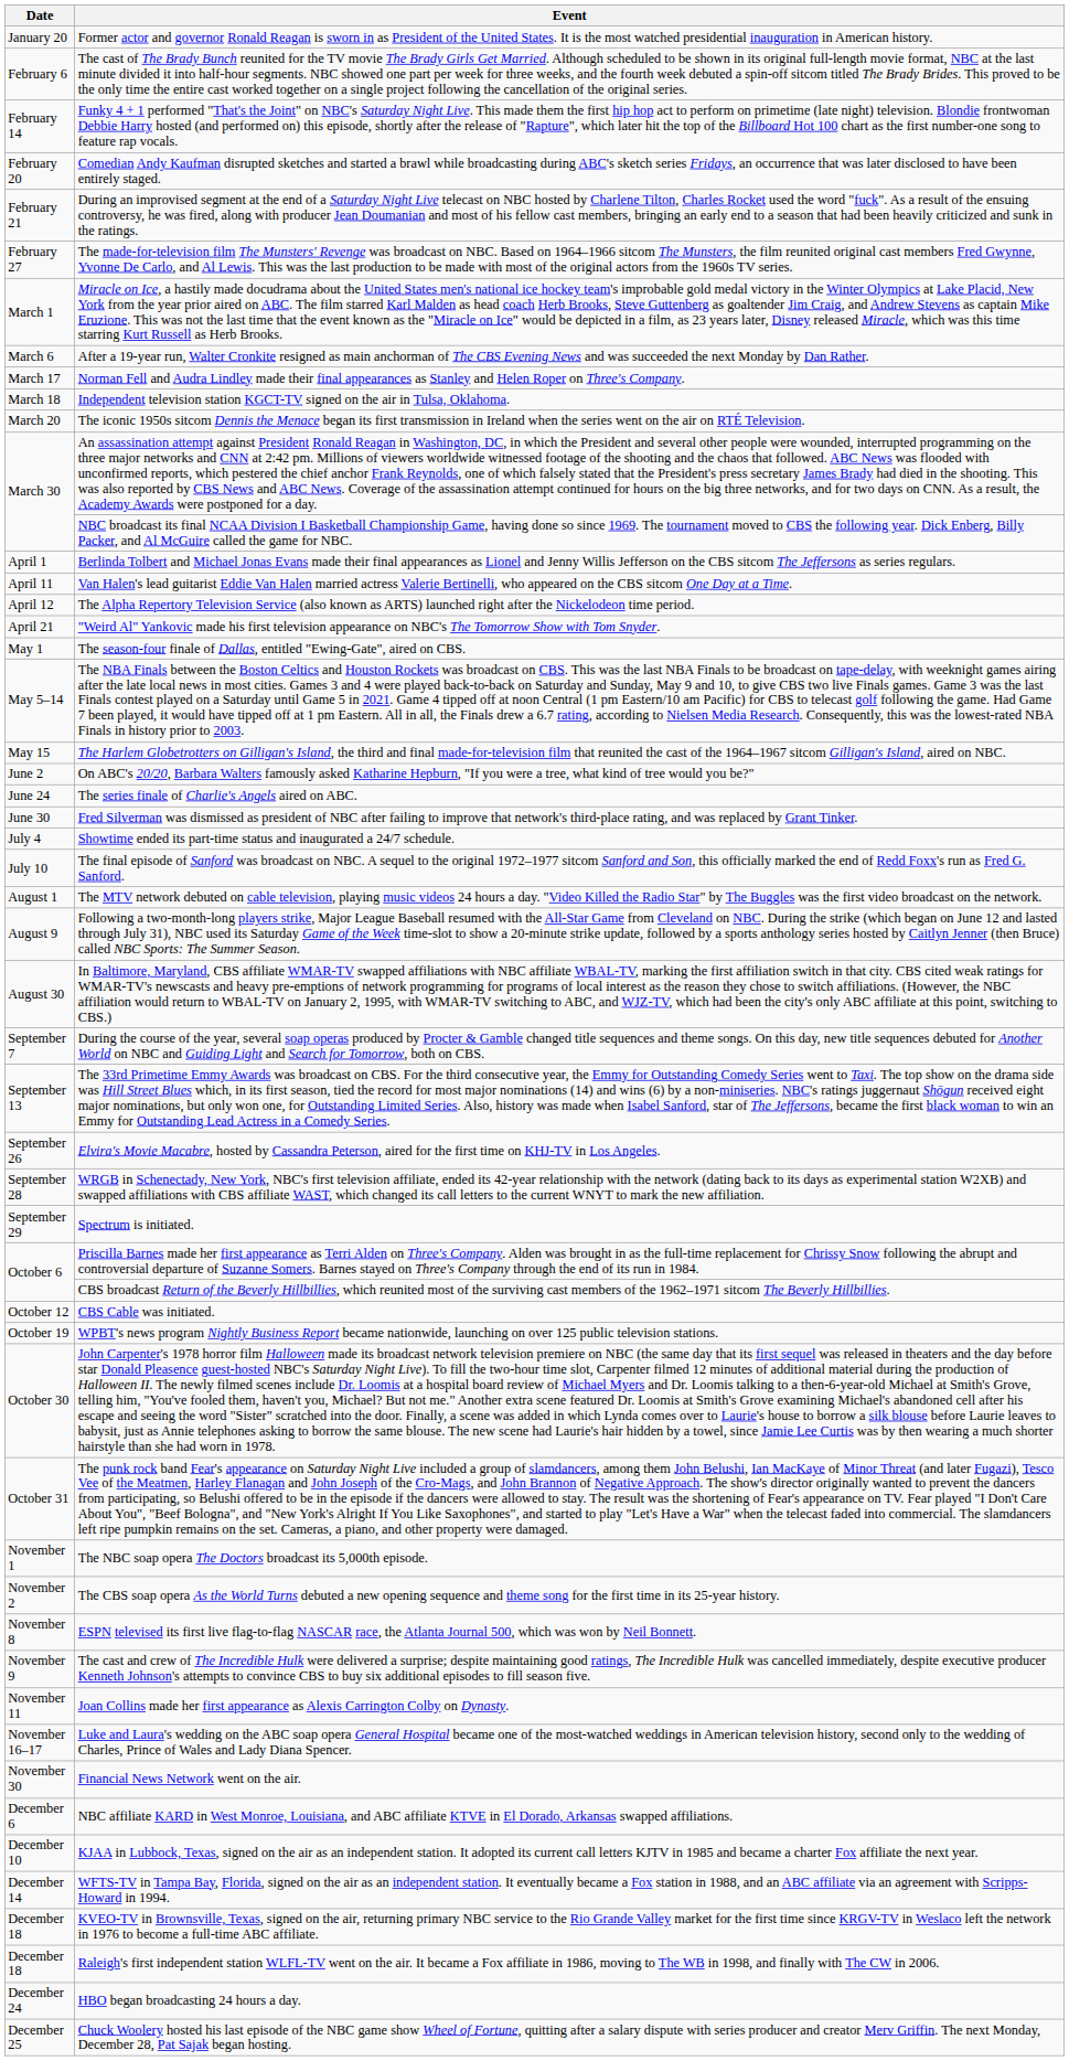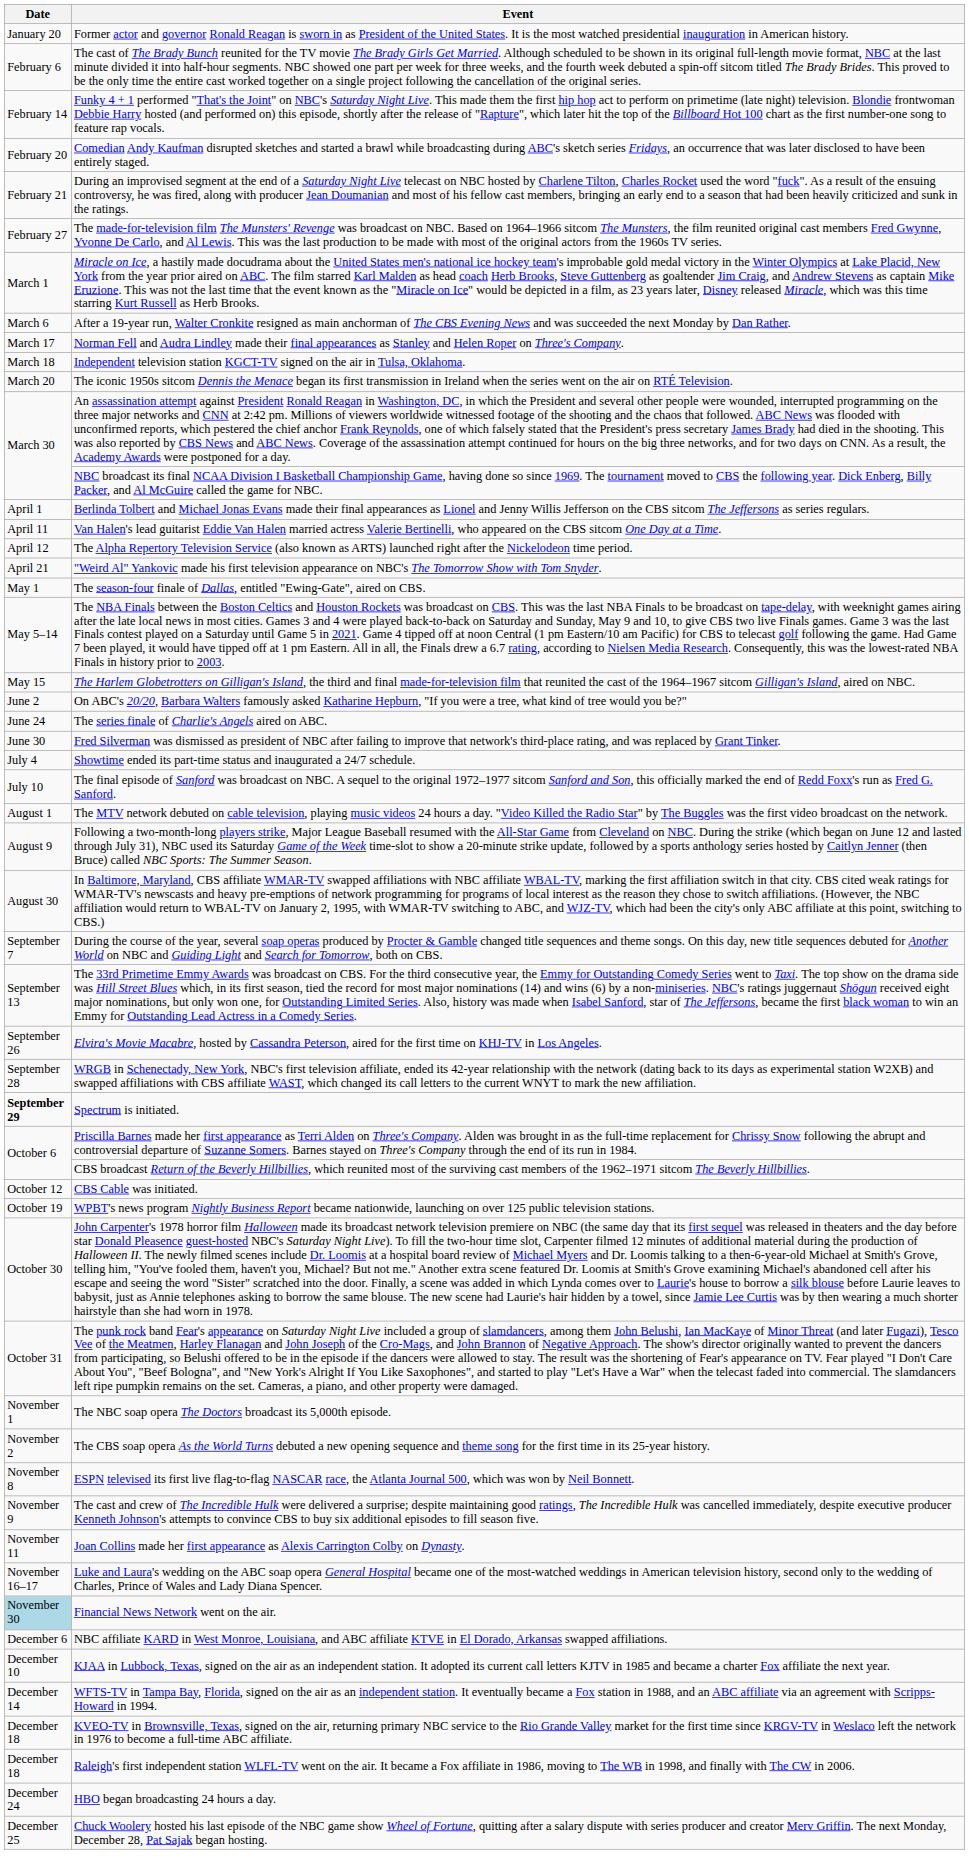 <table class="wikitable">
 <tr>
 <th>Date</th>
 <th>Event</th>
 </tr>
 <tr>
 <td>January 20</td>
 <td>Former <a href='#'>actor</a> and <a href='#'>governor</a> <a href='#'>Ronald Reagan</a> is <a href='#'>sworn in</a> as <a href='#'>President of the United States</a>. It is the most watched presidential <a href='#'>inauguration</a> in American history.</td>
 </tr>
 <tr>
 <td>February 6</td>
 <td>The cast of <em><a href='#'>The Brady Bunch</a></em> reunited for the TV movie <a href='#'><em>The Brady Girls Get Married</em></a>. Although scheduled to be shown in its original full-length movie format, <a href='#'>NBC</a> at the last minute divided it into half-hour segments. NBC showed one part per week for three weeks, and the fourth week debuted a spin-off sitcom titled <em>The Brady Brides</em>. This proved to be the only time the entire cast worked together on a single project following the cancellation of the original series.</td>
 </tr>
 <tr>
 <td>February 14</td>
 <td><a href='#'>Funky 4 + 1</a> performed "<a href='#'>That's the Joint</a>" on <a href='#'>NBC</a>'s <em><a href='#'>Saturday Night Live</a></em>. This made them the first <a href='#'>hip hop</a> act to perform on primetime (late night) television. <a href='#'>Blondie</a> frontwoman <a href='#'>Debbie Harry</a> hosted (and performed on) this episode, shortly after the release of "<a href='#'>Rapture</a>", which later hit the top of the <a href='#'><em>Billboard</em> Hot 100</a> chart as the first number-one song to feature rap vocals.</td>
 </tr>
 <tr>
 <td>February 20</td>
 <td><a href='#'>Comedian</a> <a href='#'>Andy Kaufman</a> disrupted sketches and started a brawl while broadcasting during <a href='#'>ABC</a>'s sketch series <em><a href='#'>Fridays</a></em>, an occurrence that was later disclosed to have been entirely staged.</td>
 </tr>
 <tr>
 <td>February 21</td>
 <td>During an improvised segment at the end of a <em><a href='#'>Saturday Night Live</a></em> telecast on NBC hosted by <a href='#'>Charlene Tilton</a>, <a href='#'>Charles Rocket</a> used the word "<a href='#'>fuck</a>". As a result of the ensuing controversy, he was fired, along with producer <a href='#'>Jean Doumanian</a> and most of his fellow cast members, bringing an early end to a season that had been heavily criticized and sunk in the ratings.</td>
 </tr>
 <tr>
 <td>February 27</td>
 <td>The <a href='#'>made-for-television film</a> <em><a href='#'>The Munsters' Revenge</a></em> was broadcast on NBC. Based on 1964–1966 sitcom <em><a href='#'>The Munsters</a></em>, the film reunited original cast members <a href='#'>Fred Gwynne</a>, <a href='#'>Yvonne De Carlo</a>, and <a href='#'>Al Lewis</a>. This was the last production to be made with most of the original actors from the 1960s TV series.</td>
 </tr>
 <tr>
 <td>March 1</td>
 <td><em><a href='#'>Miracle on Ice</a></em>, a hastily made docudrama about the <a href='#'>United States men's national ice hockey team</a>'s improbable gold medal victory in the <a href='#'>Winter Olympics</a> at <a href='#'>Lake Placid, New York</a> from the year prior aired on <a href='#'>ABC</a>. The film starred <a href='#'>Karl Malden</a> as head <a href='#'>coach</a> <a href='#'>Herb Brooks</a>, <a href='#'>Steve Guttenberg</a> as goaltender <a href='#'>Jim Craig</a>, and <a href='#'>Andrew Stevens</a> as captain <a href='#'>Mike Eruzione</a>. This was not the last time that the event known as the "<a href='#'>Miracle on Ice</a>" would be depicted in a film, as 23 years later, <a href='#'>Disney</a> released <em><a href='#'>Miracle</a></em>, which was this time starring <a href='#'>Kurt Russell</a> as Herb Brooks.</td>
 </tr>
 <tr>
 <td>March 6</td>
 <td>After a 19-year run, <a href='#'>Walter Cronkite</a> resigned as main anchorman of <em><a href='#'>The CBS Evening News</a></em> and was succeeded the next Monday by <a href='#'>Dan Rather</a>.</td>
 </tr>
 <tr>
 <td>March 17</td>
 <td><a href='#'>Norman Fell</a> and <a href='#'>Audra Lindley</a> made their <a href='#'>final appearances</a> as <a href='#'>Stanley</a> and <a href='#'>Helen Roper</a> on <em><a href='#'>Three's Company</a></em>.</td>
 </tr>
 <tr>
 <td>March 18</td>
 <td><a href='#'>Independent</a> television station <a href='#'>KGCT-TV</a> signed on the air in <a href='#'>Tulsa, Oklahoma</a>.</td>
 </tr>
 <tr>
 <td>March 20</td>
 <td>The iconic 1950s sitcom <em><a href='#'>Dennis the Menace</a></em> began its first transmission in Ireland when the series went on the air on <a href='#'>RTÉ Television</a>.</td>
 </tr>
 <tr>
 <td rowspan="2">March 30</td>
 <td>An <a href='#'>assassination attempt</a> against <a href='#'>President</a> <a href='#'>Ronald Reagan</a> in <a href='#'>Washington, DC</a>, in which the President and several other people were wounded, interrupted programming on the three major networks and <a href='#'>CNN</a> at 2:42 pm. Millions of viewers worldwide witnessed footage of the shooting and the chaos that followed. <a href='#'>ABC News</a> was flooded with unconfirmed reports, which pestered the chief anchor <a href='#'>Frank Reynolds</a>, one of which falsely stated that the President's press secretary <a href='#'>James Brady</a> had died in the shooting. This was also reported by <a href='#'>CBS News</a> and <a href='#'>ABC News</a>. Coverage of the assassination attempt continued for hours on the big three networks, and for two days on CNN. As a result, the <a href='#'>Academy Awards</a> were postponed for a day.</td>
 </tr>
 <tr>
 <td><a href='#'>NBC</a> broadcast its final <a href='#'>NCAA Division I Basketball Championship Game</a>, having done so since <a href='#'>1969</a>. The <a href='#'>tournament</a> moved to <a href='#'>CBS</a> the <a href='#'>following year</a>. <a href='#'>Dick Enberg</a>, <a href='#'>Billy Packer</a>, and <a href='#'>Al McGuire</a> called the game for NBC.</td>
 </tr>
 <tr>
 <td>April 1</td>
 <td><a href='#'>Berlinda Tolbert</a> and <a href='#'>Michael Jonas Evans</a> made their final appearances as <a href='#'>Lionel</a> and Jenny Willis Jefferson on the CBS sitcom <em><a href='#'>The Jeffersons</a></em> as series regulars.</td>
 </tr>
 <tr>
 <td>April 11</td>
 <td><a href='#'>Van Halen</a>'s lead guitarist <a href='#'>Eddie Van Halen</a> married actress <a href='#'>Valerie Bertinelli</a>, who appeared on the CBS sitcom <em><a href='#'>One Day at a Time</a></em>.</td>
 </tr>
 <tr>
 <td>April 12</td>
 <td>The <a href='#'>Alpha Repertory Television Service</a> (also known as ARTS) launched right after the <a href='#'>Nickelodeon</a> time period.</td>
 </tr>
 <tr>
 <td>April 21</td>
 <td><a href='#'>"Weird Al" Yankovic</a> made his first television appearance on NBC's <em><a href='#'>The Tomorrow Show with Tom Snyder</a></em>.</td>
 </tr>
 <tr>
 <td>May 1</td>
 <td>The <a href='#'>season-four</a> finale of <em><a href='#'>Dallas</a></em>, entitled "Ewing-Gate", aired on CBS.</td>
 </tr>
 <tr>
 <td>May 5–14</td>
 <td>The <a href='#'>NBA Finals</a> between the <a href='#'>Boston Celtics</a> and <a href='#'>Houston Rockets</a> was broadcast on <a href='#'>CBS</a>. This was the last NBA Finals to be broadcast on <a href='#'>tape-delay</a>, with weeknight games airing after the late local news in most cities. Games 3 and 4 were played back-to-back on Saturday and Sunday, May 9 and 10, to give CBS two live Finals games. Game 3 was the last Finals contest played on a Saturday until Game 5 in <a href='#'>2021</a>. Game 4 tipped off at noon Central (1 pm Eastern/10 am Pacific) for CBS to telecast <a href='#'>golf</a> following the game. Had Game 7 been played, it would have tipped off at 1 pm Eastern. All in all, the Finals drew a 6.7 <a href='#'>rating</a>, according to <a href='#'>Nielsen Media Research</a>. Consequently, this was the lowest-rated NBA Finals in history prior to <a href='#'>2003</a>.</td>
 </tr>
 <tr>
 <td>May 15</td>
 <td><em><a href='#'>The Harlem Globetrotters on Gilligan's Island</a></em>, the third and final <a href='#'>made-for-television film</a> that reunited the cast of the 1964–1967 sitcom <em><a href='#'>Gilligan's Island</a></em>, aired on NBC.</td>
 </tr>
 <tr>
 <td>June 2</td>
 <td>On ABC's <em><a href='#'>20/20</a></em>, <a href='#'>Barbara Walters</a> famously asked <a href='#'>Katharine Hepburn</a>, "If you were a tree, what kind of tree would you be?"</td>
 </tr>
 <tr>
 <td>June 24</td>
 <td>The <a href='#'>series finale</a> of <em><a href='#'>Charlie's Angels</a></em> aired on ABC.</td>
 </tr>
 <tr>
 <td>June 30</td>
 <td><a href='#'>Fred Silverman</a> was dismissed as president of NBC after failing to improve that network's third-place rating, and was replaced by <a href='#'>Grant Tinker</a>.</td>
 </tr>
 <tr>
 <td>July 4</td>
 <td><a href='#'>Showtime</a> ended its part-time status and inaugurated a 24/7 schedule.</td>
 </tr>
 <tr>
 <td>July 10</td>
 <td>The final episode of <em><a href='#'>Sanford</a></em> was broadcast on NBC. A sequel to the original 1972–1977 sitcom <em><a href='#'>Sanford and Son</a></em>, this officially marked the end of <a href='#'>Redd Foxx</a>'s run as <a href='#'>Fred G. Sanford</a>.</td>
 </tr>
 <tr>
 <td>August 1</td>
 <td>The <a href='#'>MTV</a> network debuted on <a href='#'>cable television</a>, playing <a href='#'>music videos</a> 24 hours a day. "<a href='#'>Video Killed the Radio Star</a>" by <a href='#'>The Buggles</a> was the first video broadcast on the network.</td>
 </tr>
 <tr>
 <td>August 9</td>
 <td>Following a two-month-long <a href='#'>players strike</a>, Major League Baseball resumed with the <a href='#'>All-Star Game</a> from <a href='#'>Cleveland</a> on <a href='#'>NBC</a>. During the strike (which began on June 12 and lasted through July 31), NBC used its Saturday <em><a href='#'>Game of the Week</a></em> time-slot to show a 20-minute strike update, followed by a sports anthology series hosted by <a href='#'>Caitlyn Jenner</a> (then Bruce) called <em>NBC Sports: The Summer Season</em>.</td>
 </tr>
 <tr>
 <td>August 30</td>
 <td>In <a href='#'>Baltimore, Maryland</a>, CBS affiliate <a href='#'>WMAR-TV</a> swapped affiliations with NBC affiliate <a href='#'>WBAL-TV</a>, marking the first affiliation switch in that city. CBS cited weak ratings for WMAR-TV's newscasts and heavy pre-emptions of network programming for programs of local interest as the reason they chose to switch affiliations. (However, the NBC affiliation would return to WBAL-TV on January 2, 1995, with WMAR-TV switching to ABC, and <a href='#'>WJZ-TV</a>, which had been the city's only ABC affiliate at this point, switching to CBS.)</td>
 </tr>
 <tr>
 <td>September 7</td>
 <td>During the course of the year, several <a href='#'>soap operas</a> produced by <a href='#'>Procter & Gamble</a> changed title sequences and theme songs. On this day, new title sequences debuted for <em><a href='#'>Another World</a></em> on NBC and <em><a href='#'>Guiding Light</a></em> and <em><a href='#'>Search for Tomorrow</a></em>, both on CBS.</td>
 </tr>
 <tr>
 <td>September 13</td>
 <td>The <a href='#'>33rd Primetime Emmy Awards</a> was broadcast on CBS. For the third consecutive year, the <a href='#'>Emmy for Outstanding Comedy Series</a> went to <em><a href='#'>Taxi</a>.</em> The top show on the drama side was <em><a href='#'>Hill Street Blues</a></em> which, in its first season, tied the record for most major nominations (14) and wins (6) by a non-<a href='#'>miniseries</a>. <a href='#'>NBC</a>'s ratings juggernaut <em><a href='#'>Shōgun</a></em> received eight major nominations, but only won one, for <a href='#'>Outstanding Limited Series</a>. Also, history was made when <a href='#'>Isabel Sanford</a>, star of <em><a href='#'>The Jeffersons</a></em>, became the first <a href='#'>black woman</a> to win an Emmy for <a href='#'>Outstanding Lead Actress in a Comedy Series</a>.</td>
 </tr>
 <tr>
 <td>September 26</td>
 <td><em><a href='#'>Elvira's Movie Macabre</a></em>, hosted by <a href='#'>Cassandra Peterson</a>, aired for the first time on <a href='#'>KHJ-TV</a> in <a href='#'>Los Angeles</a>.</td>
 </tr>
 <tr>
 <td>September 28</td>
 <td><a href='#'>WRGB</a> in <a href='#'>Schenectady, New York</a>, NBC's first television affiliate, ended its 42-year relationship with the network (dating back to its days as experimental station W2XB) and swapped affiliations with CBS affiliate <a href='#'>WAST</a>, which changed its call letters to the current WNYT to mark the new affiliation.</td>
 </tr>
 <tr>
-<td>September 29</td>
+<td><strong>September 29</strong></td>
 <td><a href='#'>Spectrum</a> is initiated.</td>
 </tr>
 <tr>
 <td rowspan="2">October 6</td>
 <td><a href='#'>Priscilla Barnes</a> made her <a href='#'>first appearance</a> as <a href='#'>Terri Alden</a> on <em><a href='#'>Three's Company</a></em>. Alden was brought in as the full-time replacement for <a href='#'>Chrissy Snow</a> following the abrupt and controversial departure of <a href='#'>Suzanne Somers</a>. Barnes stayed on <em>Three's Company</em> through the end of its run in 1984.</td>
 </tr>
 <tr>
 <td>CBS broadcast <em><a href='#'>Return of the Beverly Hillbillies</a></em>, which reunited most of the surviving cast members of the 1962–1971 sitcom <em><a href='#'>The Beverly Hillbillies</a></em>.</td>
 </tr>
 <tr>
 <td>October 12</td>
 <td><a href='#'>CBS Cable</a> was initiated.</td>
 </tr>
 <tr>
 <td>October 19</td>
 <td><a href='#'>WPBT</a>'s news program <em><a href='#'>Nightly Business Report</a></em> became nationwide, launching on over 125 public television stations.</td>
 </tr>
 <tr>
 <td>October 30</td>
 <td><a href='#'>John Carpenter</a>'s 1978 horror film <em><a href='#'>Halloween</a></em> made its broadcast network television premiere on NBC (the same day that its <a href='#'>first sequel</a> was released in theaters and the day before star <a href='#'>Donald Pleasence</a> <a href='#'>guest-hosted</a> NBC's <em>Saturday Night Live</em>). To fill the two-hour time slot, Carpenter filmed 12 minutes of additional material during the production of <em>Halloween II</em>. The newly filmed scenes include <a href='#'>Dr. Loomis</a> at a hospital board review of <a href='#'>Michael Myers</a> and Dr. Loomis talking to a then-6-year-old Michael at Smith's Grove, telling him, "You've fooled them, haven't you, Michael? But not me." Another extra scene featured Dr. Loomis at Smith's Grove examining Michael's abandoned cell after his escape and seeing the word "Sister" scratched into the door. Finally, a scene was added in which Lynda comes over to <a href='#'>Laurie</a>'s house to borrow a <a href='#'>silk blouse</a> before Laurie leaves to babysit, just as Annie telephones asking to borrow the same blouse. The new scene had Laurie's hair hidden by a towel, since <a href='#'>Jamie Lee Curtis</a> was by then wearing a much shorter hairstyle than she had worn in 1978.</td>
 </tr>
 <tr>
 <td>October 31</td>
 <td>The <a href='#'>punk rock</a> band <a href='#'>Fear</a>'s <a href='#'>appearance</a> on <em>Saturday Night Live</em> included a group of <a href='#'>slamdancers</a>, among them <a href='#'>John Belushi</a>, <a href='#'>Ian MacKaye</a> of <a href='#'>Minor Threat</a> (and later <a href='#'>Fugazi</a>), <a href='#'>Tesco Vee</a> of <a href='#'>the Meatmen</a>, <a href='#'>Harley Flanagan</a> and <a href='#'>John Joseph</a> of the <a href='#'>Cro-Mags</a>, and <a href='#'>John Brannon</a> of <a href='#'>Negative Approach</a>. The show's director originally wanted to prevent the dancers from participating, so Belushi offered to be in the episode if the dancers were allowed to stay. The result was the shortening of Fear's appearance on TV. Fear played "I Don't Care About You", "Beef Bologna", and "New York's Alright If You Like Saxophones", and started to play "Let's Have a War" when the telecast faded into commercial. The slamdancers left ripe pumpkin remains on the set. Cameras, a piano, and other property were damaged.</td>
 </tr>
 <tr>
 <td>November 1</td>
 <td>The NBC soap opera <em><a href='#'>The Doctors</a></em> broadcast its 5,000th episode.</td>
 </tr>
 <tr>
 <td>November 2</td>
 <td>The CBS soap opera <em><a href='#'>As the World Turns</a></em> debuted a new opening sequence and <a href='#'>theme song</a> for the first time in its 25-year history.</td>
 </tr>
 <tr>
 <td>November 8</td>
 <td><a href='#'>ESPN</a> <a href='#'>televised</a> its first live flag-to-flag <a href='#'>NASCAR</a> <a href='#'>race</a>, the <a href='#'>Atlanta Journal 500</a>, which was won by <a href='#'>Neil Bonnett</a>.</td>
 </tr>
 <tr>
 <td>November 9</td>
 <td>The cast and crew of <em><a href='#'>The Incredible Hulk</a></em> were delivered a surprise; despite maintaining good <a href='#'>ratings</a>, <em>The Incredible Hulk</em> was cancelled immediately, despite executive producer <a href='#'>Kenneth Johnson</a>'s attempts to convince CBS to buy six additional episodes to fill season five.</td>
 </tr>
 <tr>
 <td>November 11</td>
 <td><a href='#'>Joan Collins</a> made her <a href='#'>first appearance</a> as <a href='#'>Alexis Carrington Colby</a> on <em><a href='#'>Dynasty</a></em>.</td>
 </tr>
 <tr>
 <td>November 16–17</td>
 <td><a href='#'>Luke and Laura</a>'s wedding on the ABC soap opera <em><a href='#'>General Hospital</a></em> became one of the most-watched weddings in American television history, second only to the wedding of Charles, Prince of Wales and Lady Diana Spencer.</td>
 </tr>
 <tr>
-<td>November 30</td>
+<td style="background: lightblue;">November 30</td>
 <td><a href='#'>Financial News Network</a> went on the air.</td>
 </tr>
 <tr>
 <td>December 6</td>
 <td>NBC affiliate <a href='#'>KARD</a> in <a href='#'>West Monroe, Louisiana</a>, and ABC affiliate <a href='#'>KTVE</a> in <a href='#'>El Dorado, Arkansas</a> swapped affiliations.</td>
 </tr>
 <tr>
 <td>December 10</td>
 <td><a href='#'>KJAA</a> in <a href='#'>Lubbock, Texas</a>, signed on the air as an independent station. It adopted its current call letters KJTV in 1985 and became a charter <a href='#'>Fox</a> affiliate the next year.</td>
 </tr>
 <tr>
 <td>December 14</td>
 <td><a href='#'>WFTS-TV</a> in <a href='#'>Tampa Bay</a>, <a href='#'>Florida</a>, signed on the air as an <a href='#'>independent station</a>. It eventually became a <a href='#'>Fox</a> station in 1988, and an <a href='#'>ABC affiliate</a> via an agreement with <a href='#'>Scripps-Howard</a> in 1994.</td>
 </tr>
 <tr>
 <td>December 18</td>
 <td><a href='#'>KVEO-TV</a> in <a href='#'>Brownsville, Texas</a>, signed on the air, returning primary NBC service to the <a href='#'>Rio Grande Valley</a> market for the first time since <a href='#'>KRGV-TV</a> in <a href='#'>Weslaco</a> left the network in 1976 to become a full-time ABC affiliate.</td>
 </tr>
 <tr>
 <td>December 18</td>
 <td><a href='#'>Raleigh</a>'s first independent station <a href='#'>WLFL-TV</a> went on the air. It became a Fox affiliate in 1986, moving to <a href='#'>The WB</a> in 1998, and finally with <a href='#'>The CW</a> in 2006.</td>
 </tr>
 <tr>
 <td>December 24</td>
 <td><a href='#'>HBO</a> began broadcasting 24 hours a day.</td>
 </tr>
 <tr>
 <td>December 25</td>
 <td><a href='#'>Chuck Woolery</a> hosted his last episode of the NBC game show <em><a href='#'>Wheel of Fortune</a></em>, quitting after a salary dispute with series producer and creator <a href='#'>Merv Griffin</a>. The next Monday, December 28, <a href='#'>Pat Sajak</a> began hosting.</td>
 </tr>
 </table>
